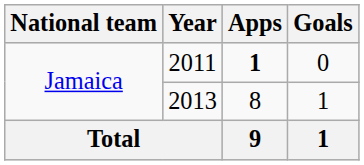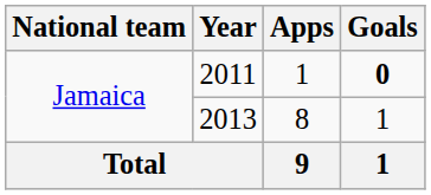 <table class="wikitable" style="text-align: center;">
 <tr>
 <th>National team</th>
 <th>Year</th>
 <th>Apps</th>
 <th>Goals</th>
 </tr>
 <tr>
 <td rowspan="2"><a href='#'>Jamaica</a></td>
 <td>2011</td>
-<td><strong>1</strong></td>
-<td>0</td>
+<td>1</td>
+<td><strong>0</strong></td>
 </tr>
 <tr>
 <td>2013</td>
 <td>8</td>
 <td>1</td>
 </tr>
 <tr>
 <th colspan="2">Total</th>
 <th>9</th>
 <th>1</th>
 </tr>
 </table>
